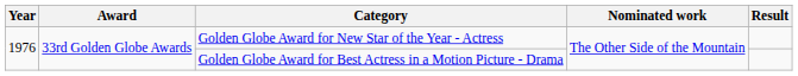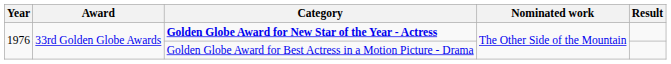 <table class="wikitable sortable">
 <tr>
 <th>Year</th>
 <th>Award</th>
 <th>Category</th>
 <th>Nominated work</th>
 <th class="wikitable unsortable">Result</th>
 </tr>
 <tr>
 <td rowspan="2">1976</td>
 <td rowspan="2"><a href='#'>33rd Golden Globe Awards</a></td>
-<td><a href='#'>Golden Globe Award for New Star of the Year - Actress</a></td>
+<td><strong><a href='#'>Golden Globe Award for New Star of the Year - Actress</a></strong></td>
 <td rowspan="2"><a href='#'>The Other Side of the Mountain</a></td>
 <td></td>
 </tr>
 <tr>
 <td><a href='#'>Golden Globe Award for Best Actress in a Motion Picture - Drama</a></td>
 <td></td>
 </tr>
 </table>
